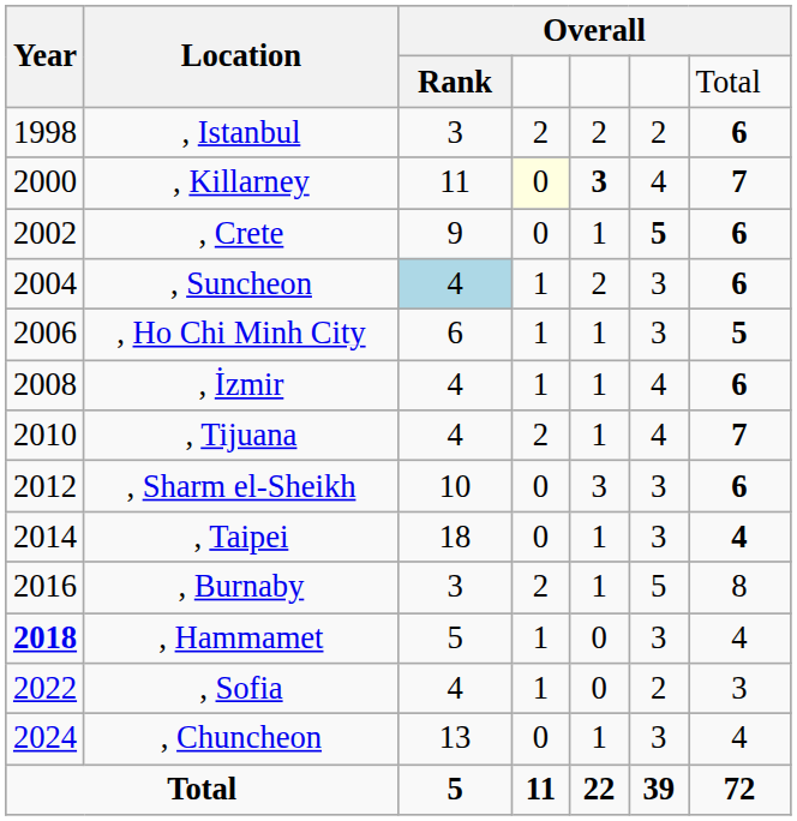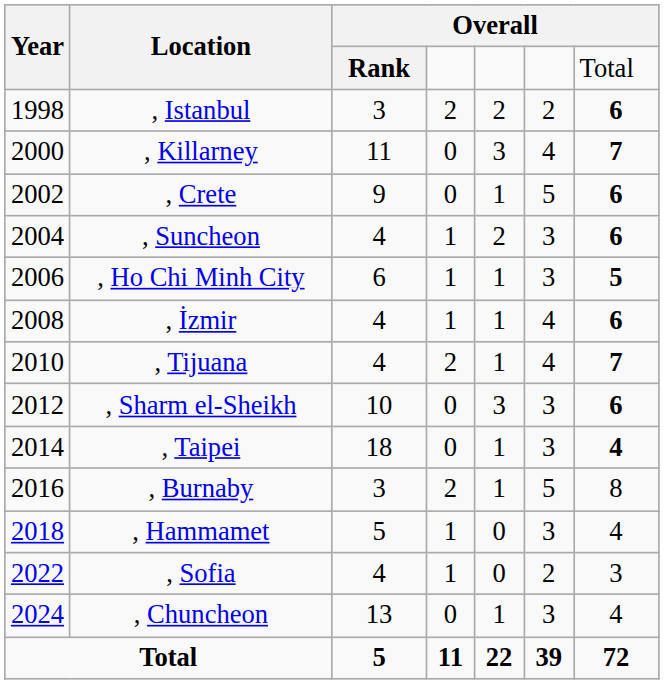 <table class="wikitable">
 <tr>
 <th rowspan=2 width="10%">Year</th>
 <th rowspan=2 width="40%">Location</th>
 <th colspan=5>Overall</th>
 </tr>
 <tr>
 <th>Rank</th>
 <td></td>
 <td></td>
 <td></td>
 <td>Total</td>
 </tr>
 <tr align="center">
 <td>1998</td>
 <td>, <a href='#'>Istanbul</a></td>
 <td>3</td>
 <td>2</td>
 <td>2</td>
 <td>2</td>
 <td><strong>6</strong></td>
 </tr>
 <tr align="center">
 <td>2000</td>
 <td>, <a href='#'>Killarney</a></td>
 <td>11</td>
-<td style="background: lightyellow;">0</td>
-<td><strong>3</strong></td>
+<td>0</td>
+<td>3</td>
 <td>4</td>
 <td><strong>7</strong></td>
 </tr>
 <tr align="center">
 <td>2002</td>
 <td>, <a href='#'>Crete</a></td>
 <td>9</td>
 <td>0</td>
 <td>1</td>
-<td><strong>5</strong></td>
+<td>5</td>
 <td><strong>6</strong></td>
 </tr>
 <tr align="center">
 <td>2004</td>
 <td>, <a href='#'>Suncheon</a></td>
-<td style="background: lightblue;">4</td>
+<td>4</td>
 <td>1</td>
 <td>2</td>
 <td>3</td>
 <td><strong>6</strong></td>
 </tr>
 <tr align="center">
 <td>2006</td>
 <td>, <a href='#'>Ho Chi Minh City</a></td>
 <td>6</td>
 <td>1</td>
 <td>1</td>
 <td>3</td>
 <td><strong>5</strong></td>
 </tr>
 <tr align="center">
 <td>2008</td>
 <td>, <a href='#'>İzmir</a></td>
 <td>4</td>
 <td>1</td>
 <td>1</td>
 <td>4</td>
 <td><strong>6</strong></td>
 </tr>
 <tr align="center">
 <td>2010</td>
 <td>, <a href='#'>Tijuana</a></td>
 <td>4</td>
 <td>2</td>
 <td>1</td>
 <td>4</td>
 <td><strong>7</strong></td>
 </tr>
 <tr align="center">
 <td>2012</td>
 <td>, <a href='#'>Sharm el-Sheikh</a></td>
 <td>10</td>
 <td>0</td>
 <td>3</td>
 <td>3</td>
 <td><strong>6</strong></td>
 </tr>
 <tr align="center">
 <td>2014</td>
 <td>, <a href='#'>Taipei</a></td>
 <td>18</td>
 <td>0</td>
 <td>1</td>
 <td>3</td>
 <td><strong>4</strong></td>
 </tr>
 <tr align="center">
 <td>2016</td>
 <td>, <a href='#'>Burnaby</a></td>
 <td>3</td>
 <td>2</td>
 <td>1</td>
 <td>5</td>
 <td>8</td>
 </tr>
 <tr align="center">
-<td><strong><a href='#'>2018</a></strong></td>
+<td><a href='#'>2018</a></td>
 <td>, <a href='#'>Hammamet</a></td>
 <td>5</td>
 <td>1</td>
 <td>0</td>
 <td>3</td>
 <td>4</td>
 </tr>
 <tr align="center">
 <td><a href='#'>2022</a></td>
 <td>, <a href='#'>Sofia</a></td>
 <td>4</td>
 <td>1</td>
 <td>0</td>
 <td>2</td>
 <td>3</td>
 </tr>
 <tr align="center">
 <td><a href='#'>2024</a></td>
 <td>, <a href='#'>Chuncheon</a></td>
 <td>13</td>
 <td>0</td>
 <td>1</td>
 <td>3</td>
 <td>4</td>
 </tr>
 <tr align="center">
 <td colspan=2><strong>Total</strong></td>
 <td><strong>5</strong></td>
 <td><strong>11</strong></td>
 <td><strong>22</strong></td>
 <td><strong>39</strong></td>
 <td><strong>72</strong></td>
 </tr>
 </table>
